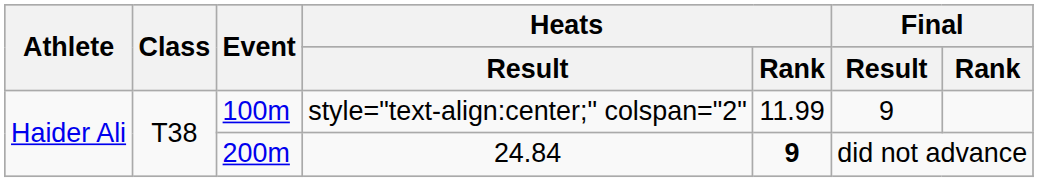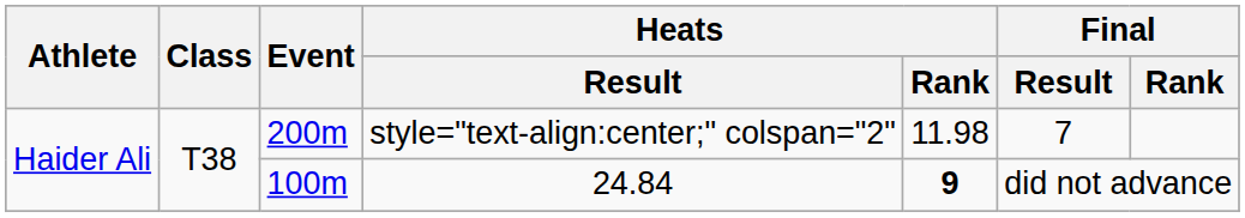 <table class=wikitable>
 <tr>
 <th rowspan="2">Athlete</th>
 <th rowspan="2">Class</th>
 <th rowspan="2">Event</th>
 <th colspan="2">Heats</th>
 <th colspan="3">Final</th>
 </tr>
 <tr>
 <th>Result</th>
 <th>Rank</th>
 <th>Result</th>
 <th>Rank</th>
 </tr>
 <tr>
 <td rowspan="2"><a href='#'>Haider Ali</a></td>
 <td rowspan="2" style="text-align:center;">T38</td>
-<td><a href='#'>100m</a></td>
+<td><a href='#'>200m</a></td>
 <td>style="text-align:center;" colspan="2" </td>
-<td style="text-align:center;">11.99</td>
-<td style="text-align:center;">9</td>
+<td style="text-align:center;">11.98</td>
+<td style="text-align:center;">7</td>
 </tr>
 <tr>
-<td><a href='#'>200m</a></td>
+<td><a href='#'>100m</a></td>
 <td style="text-align:center;">24.84</td>
 <td style="text-align:center;"><strong>9</strong></td>
 <td style="text-align:center;" colspan="2">did not advance</td>
 </tr>
 </table>
